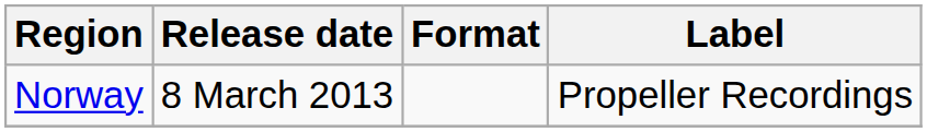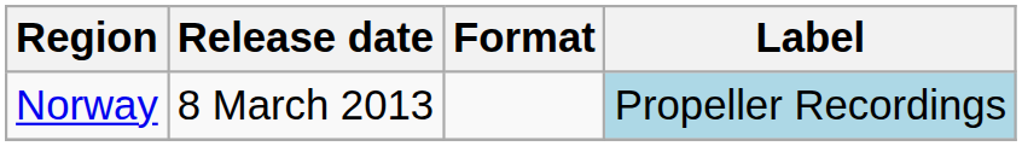 <table class="wikitable">
 <tr>
 <th>Region</th>
 <th>Release date</th>
 <th>Format</th>
 <th>Label</th>
 </tr>
 <tr>
 <td><a href='#'>Norway</a></td>
 <td>8 March 2013</td>
 <td></td>
-<td>Propeller Recordings</td>
+<td style="background: lightblue;">Propeller Recordings</td>
 </tr>
 <tr>
 </tr>
 </table>
